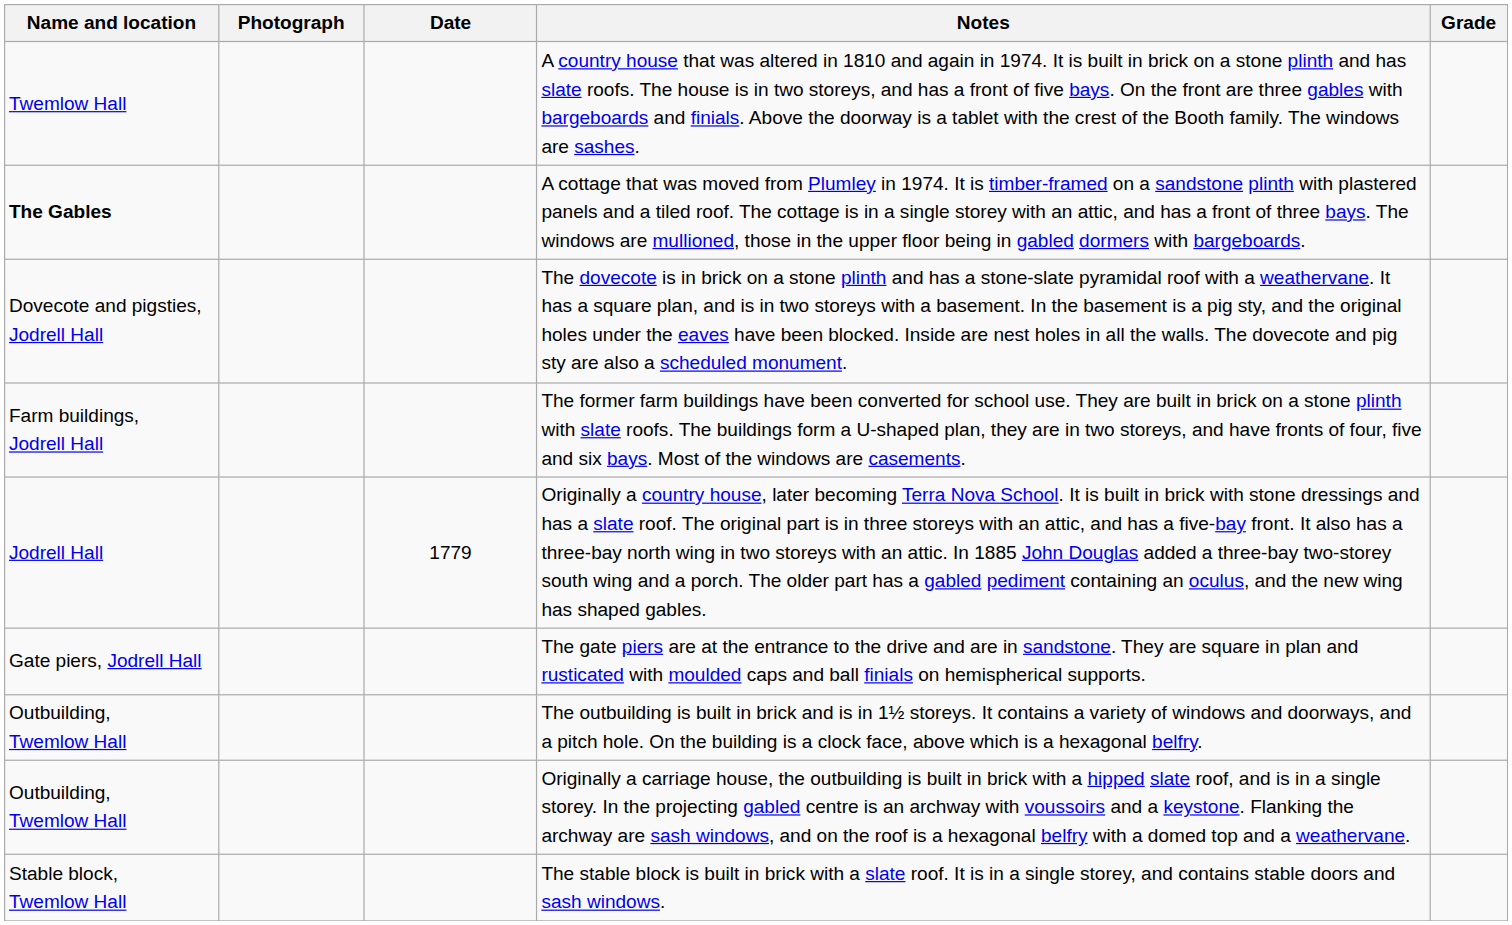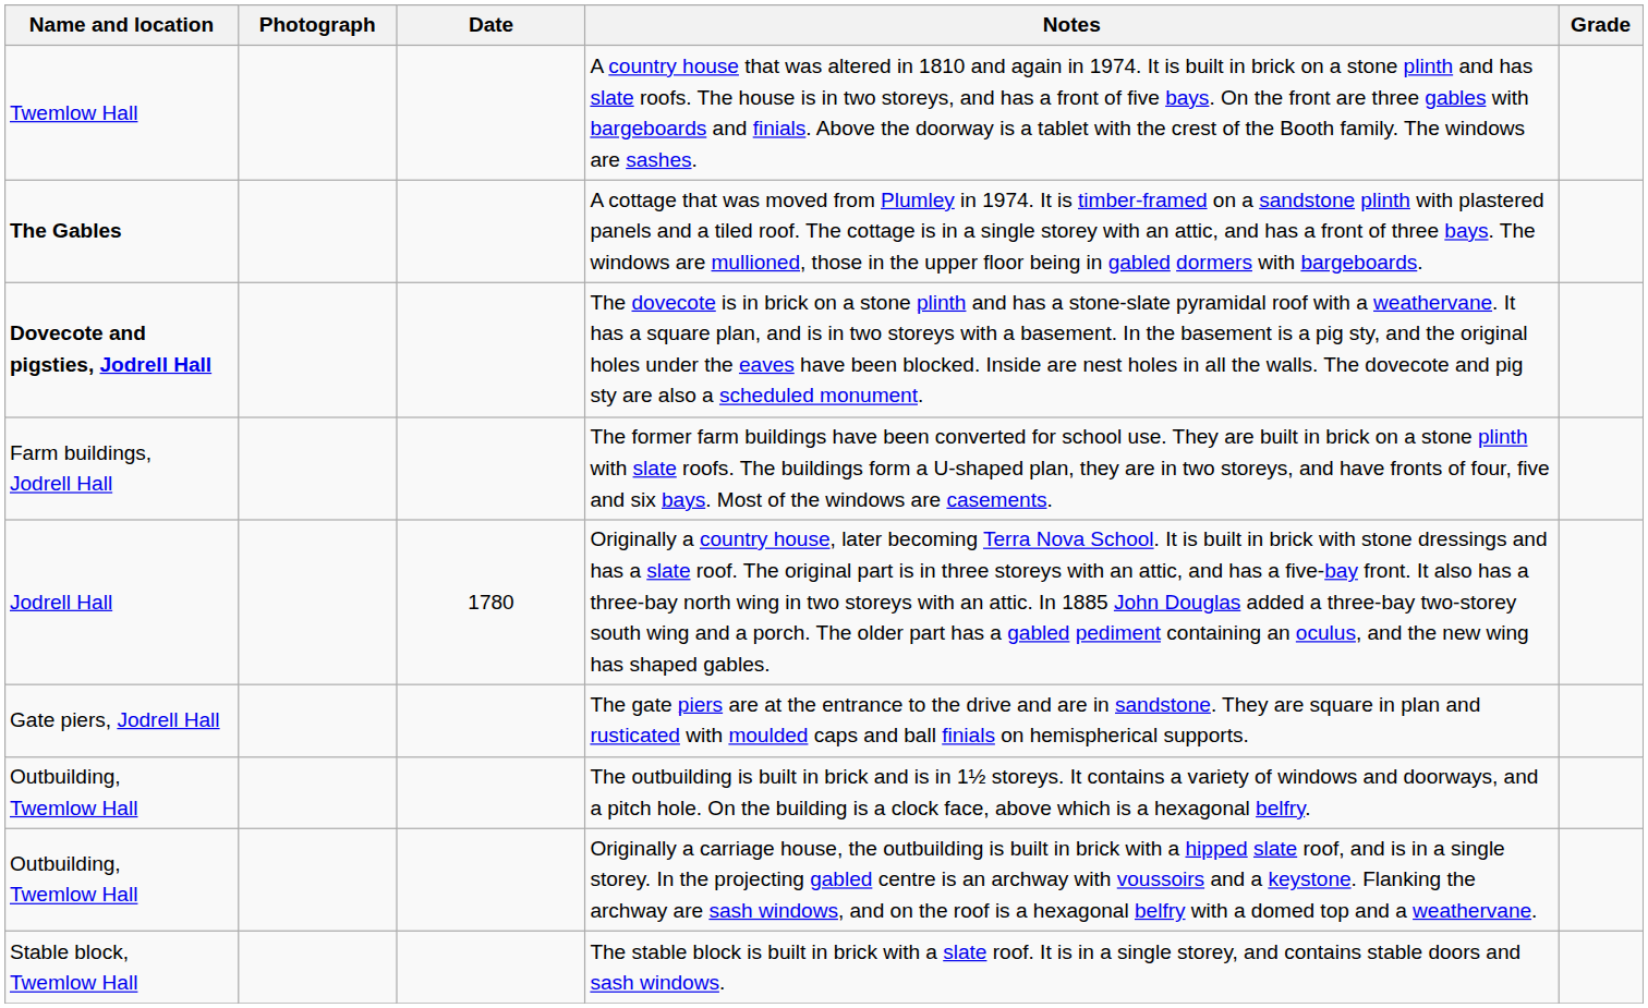 <table class="wikitable sortable plainrowheaders" style="width:100%; border:0; text-align:left; line-height:150%;">
 <tr>
 <th scope="col"  style="width:150px">Name and location</th>
 <th scope="col"  style="width:100px" class="unsortable">Photograph</th>
 <th scope="col"  style="width:120px">Date</th>
 <th scope="col"  style="width:650px" class="unsortable">Notes</th>
 <th scope="col"  style="width:50px">Grade</th>
 </tr>
 <tr>
 <td><a href='#'>Twemlow Hall</a><br><small></small></td>
 <td></td>
 <td align="center"></td>
 <td>A <a href='#'>country house</a> that was altered in 1810 and again in 1974.  It is built in brick on a stone <a href='#'>plinth</a> and has <a href='#'>slate</a> roofs.  The house is in two storeys, and has a front of five <a href='#'>bays</a>.  On the front are three <a href='#'>gables</a> with <a href='#'>bargeboards</a> and <a href='#'>finials</a>.  Above the doorway is a tablet with the crest of the Booth family.  The windows are <a href='#'>sashes</a>.</td>
 <td align="center" ></td>
 </tr>
 <tr>
 <td><strong>The Gables<br><small></small></strong></td>
 <td></td>
 <td align="center"></td>
 <td>A cottage that was moved from <a href='#'>Plumley</a> in 1974.  It is <a href='#'>timber-framed</a> on a <a href='#'>sandstone</a> <a href='#'>plinth</a>  with plastered panels and a tiled roof.  The cottage is in a single storey with an attic, and has a front of three <a href='#'>bays</a>.  The windows are <a href='#'>mullioned</a>, those in the upper floor being in <a href='#'>gabled</a> <a href='#'>dormers</a> with <a href='#'>bargeboards</a>.</td>
 <td align="center" ></td>
 </tr>
 <tr>
-<td>Dovecote and pigsties, <a href='#'>Jodrell Hall</a><br><small></small></td>
+<td><strong>Dovecote and pigsties, <a href='#'>Jodrell Hall</a><br><small></small></strong></td>
 <td></td>
 <td align="center"></td>
 <td>The <a href='#'>dovecote</a> is in brick on a stone <a href='#'>plinth</a> and has a stone-slate pyramidal roof with a <a href='#'>weathervane</a>.  It has a square plan, and is in two storeys with a basement.  In the basement is a pig sty, and the original holes under the <a href='#'>eaves</a> have been blocked.  Inside are nest holes in all the walls.  The dovecote and pig sty are also a <a href='#'>scheduled monument</a>.</td>
 <td align="center" ></td>
 </tr>
 <tr>
 <td>Farm buildings,<br><a href='#'>Jodrell Hall</a><br><small></small></td>
 <td></td>
 <td align="center"></td>
 <td>The former farm buildings have been converted for school use.  They are built in brick on a stone <a href='#'>plinth</a> with <a href='#'>slate</a> roofs.  The buildings form a U-shaped plan, they are in two storeys, and have fronts of four, five and six <a href='#'>bays</a>.  Most of the windows are <a href='#'>casements</a>.</td>
 <td align="center" ></td>
 </tr>
 <tr>
 <td><a href='#'>Jodrell Hall</a><br><small></small></td>
 <td></td>
-<td align="center">1779</td>
+<td align="center">1780</td>
 <td>Originally a <a href='#'>country house</a>, later becoming <a href='#'>Terra Nova School</a>.  It is built in brick with stone dressings and has a <a href='#'>slate</a> roof.  The original part is in three storeys with an attic, and has a five-<a href='#'>bay</a> front.  It also has a three-bay north wing in two storeys with an attic.  In 1885 <a href='#'>John Douglas</a> added a three-bay two-storey south wing and a porch.  The older part has a <a href='#'>gabled</a> <a href='#'>pediment</a> containing an <a href='#'>oculus</a>, and the new wing has shaped gables.</td>
 <td align="center" ></td>
 </tr>
 <tr>
 <td>Gate piers, <a href='#'>Jodrell Hall</a><br><small></small></td>
 <td></td>
 <td align="center"></td>
 <td>The gate <a href='#'>piers</a> are at the entrance to the drive and are in <a href='#'>sandstone</a>.  They are square in plan and <a href='#'>rusticated</a> with <a href='#'>moulded</a> caps and ball <a href='#'>finials</a> on hemispherical supports.</td>
 <td align="center" ></td>
 </tr>
 <tr>
 <td>Outbuilding,<br><a href='#'>Twemlow Hall</a><br><small></small></td>
 <td></td>
 <td align="center"></td>
 <td>The outbuilding is built in brick and is in 1½ storeys.  It contains a variety of windows and doorways, and a pitch hole.  On the building is a clock face, above which is a hexagonal <a href='#'>belfry</a>.</td>
 <td align="center" ></td>
 </tr>
 <tr>
 <td>Outbuilding,<br><a href='#'>Twemlow Hall</a><br><small></small></td>
 <td></td>
 <td align="center"></td>
 <td>Originally a carriage house, the outbuilding is built in brick with a <a href='#'>hipped</a> <a href='#'>slate</a> roof, and is in a single storey.  In the projecting <a href='#'>gabled</a> centre is an archway with <a href='#'>voussoirs</a> and a <a href='#'>keystone</a>.  Flanking the archway are <a href='#'>sash windows</a>, and on the roof is a hexagonal <a href='#'>belfry</a> with a domed top and a <a href='#'>weathervane</a>.</td>
 <td align="center" ></td>
 </tr>
 <tr>
 <td>Stable block,<br><a href='#'>Twemlow Hall</a><br><small></small></td>
 <td></td>
 <td align="center"></td>
 <td>The stable block is built in brick with a <a href='#'>slate</a> roof.  It is in a single storey, and contains stable doors and <a href='#'>sash windows</a>.</td>
 <td align="center" ></td>
 </tr>
 <tr>
 </tr>
 </table>
